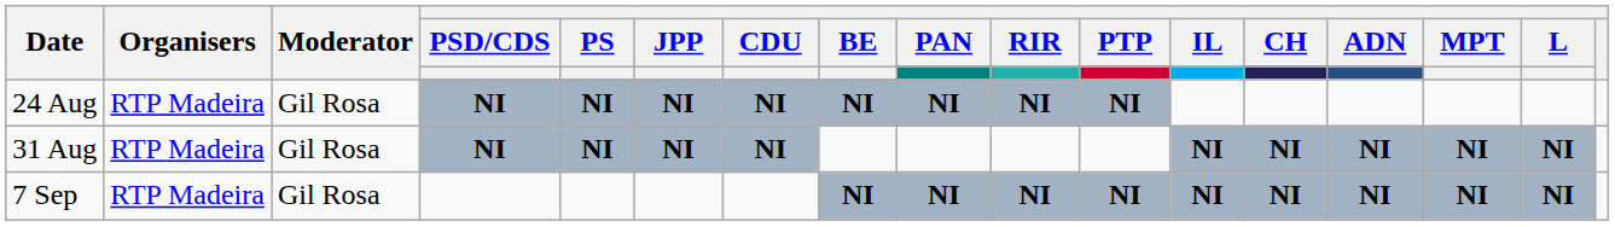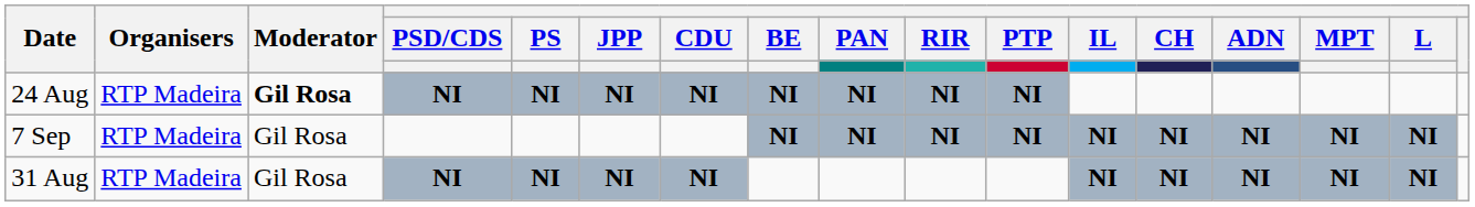 <table class="wikitable" style="font-size:98%; text-align:center;">
 <tr>
 <th rowspan="3">Date</th>
 <th rowspan="3">Organisers</th>
 <th rowspan="3">Moderator</th>
 <th colspan="14">          </th>
 </tr>
 <tr>
 <th scope="col" style="width:5em;"><a href='#'>PSD/CDS</a></th>
 <th scope="col" style="width:5em;"><a href='#'>PS</a></th>
 <th scope="col" style="width:5em;"><a href='#'>JPP</a></th>
 <th scope="col" style="width:5em;"><a href='#'>CDU</a></th>
 <th scope="col" style="width:5em;"><a href='#'>BE</a></th>
 <th scope="col" style="width:5em;"><a href='#'>PAN</a></th>
 <th scope="col" style="width:5em;"><a href='#'>RIR</a></th>
 <th scope="col" style="width:5em;"><a href='#'>PTP</a></th>
 <th scope="col" style="width:5em;"><a href='#'>IL</a></th>
 <th scope="col" style="width:5em;"><a href='#'>CH</a></th>
 <th scope="col" style="width:5em;"><a href='#'>ADN</a></th>
 <th scope="col" style="width:5em;"><a href='#'>MPT</a></th>
 <th scope="col" style="width:5em;"><a href='#'>L</a></th>
 <th rowspan="2"></th>
 </tr>
 <tr>
 <th style="color:inherit;background:"></th>
 <th style="color:inherit;background:"></th>
 <th style="color:inherit;background:"></th>
 <th style="color:inherit;background:"></th>
 <th style="color:inherit;background:"></th>
 <th style="color:inherit;background:teal;"></th>
 <th style="color:inherit;background:LightSeaGreen;"></th>
 <th style="color:inherit;background:#CC0033;"></th>
 <th style="color:inherit;background:#00ADEF;"></th>
 <th style="color:inherit;background:#202056;"></th>
 <th style="color:inherit;background:#274E82;"></th>
 <th style="color:inherit;background:"></th>
 <th style="color:inherit;background:"></th>
 </tr>
 <tr>
 <td style="white-space:nowrap; text-align:left;">24 Aug</td>
 <td style="white-space:nowrap; text-align:left;"><a href='#'>RTP Madeira</a></td>
-<td style="white-space:nowrap; text-align:left;">Gil Rosa</td>
+<td style="white-space:nowrap; text-align:left;"><strong>Gil Rosa</strong></td>
 <td style="background:#A2B2C2;"><strong>NI</strong></td>
 <td style="background:#A2B2C2;"><strong>NI</strong></td>
 <td style="background:#A2B2C2;"><strong>NI</strong></td>
 <td style="background:#A2B2C2;"><strong>NI</strong></td>
 <td style="background:#A2B2C2;"><strong>NI</strong></td>
 <td style="background:#A2B2C2;"><strong>NI</strong></td>
 <td style="background:#A2B2C2;"><strong>NI</strong></td>
 <td style="background:#A2B2C2;"><strong>NI</strong></td>
 <td></td>
 <td></td>
 <td></td>
 <td></td>
 <td></td>
+<td></td>
+</tr>
+<tr>
+<td style="white-space:nowrap; text-align:left;">7 Sep</td>
+<td style="white-space:nowrap; text-align:left;"><a href='#'>RTP Madeira</a></td>
+<td style="white-space:nowrap; text-align:left;">Gil Rosa</td>
+<td></td>
+<td></td>
+<td></td>
+<td></td>
+<td style="background:#A2B2C2;"><strong>NI</strong></td>
+<td style="background:#A2B2C2;"><strong>NI</strong></td>
+<td style="background:#A2B2C2;"><strong>NI</strong></td>
+<td style="background:#A2B2C2;"><strong>NI</strong></td>
+<td style="background:#A2B2C2;"><strong>NI</strong></td>
+<td style="background:#A2B2C2;"><strong>NI</strong></td>
+<td style="background:#A2B2C2;"><strong>NI</strong></td>
+<td style="background:#A2B2C2;"><strong>NI</strong></td>
+<td style="background:#A2B2C2;"><strong>NI</strong></td>
 <td></td>
 </tr>
 <tr>
 <td style="white-space:nowrap; text-align:left;">31 Aug</td>
 <td style="white-space:nowrap; text-align:left;"><a href='#'>RTP Madeira</a></td>
 <td style="white-space:nowrap; text-align:left;">Gil Rosa</td>
 <td style="background:#A2B2C2;"><strong>NI</strong></td>
 <td style="background:#A2B2C2;"><strong>NI</strong></td>
 <td style="background:#A2B2C2;"><strong>NI</strong></td>
 <td style="background:#A2B2C2;"><strong>NI</strong></td>
 <td></td>
 <td></td>
 <td></td>
 <td></td>
 <td style="background:#A2B2C2;"><strong>NI</strong></td>
 <td style="background:#A2B2C2;"><strong>NI</strong></td>
 <td style="background:#A2B2C2;"><strong>NI</strong></td>
 <td style="background:#A2B2C2;"><strong>NI</strong></td>
 <td style="background:#A2B2C2;"><strong>NI</strong></td>
 <td></td>
 </tr>
-<tr>
-<td style="white-space:nowrap; text-align:left;">7 Sep</td>
-<td style="white-space:nowrap; text-align:left;"><a href='#'>RTP Madeira</a></td>
-<td style="white-space:nowrap; text-align:left;">Gil Rosa</td>
-<td></td>
-<td></td>
-<td></td>
-<td></td>
-<td style="background:#A2B2C2;"><strong>NI</strong></td>
-<td style="background:#A2B2C2;"><strong>NI</strong></td>
-<td style="background:#A2B2C2;"><strong>NI</strong></td>
-<td style="background:#A2B2C2;"><strong>NI</strong></td>
-<td style="background:#A2B2C2;"><strong>NI</strong></td>
-<td style="background:#A2B2C2;"><strong>NI</strong></td>
-<td style="background:#A2B2C2;"><strong>NI</strong></td>
-<td style="background:#A2B2C2;"><strong>NI</strong></td>
-<td style="background:#A2B2C2;"><strong>NI</strong></td>
-<td></td>
-</tr>
 </table>
